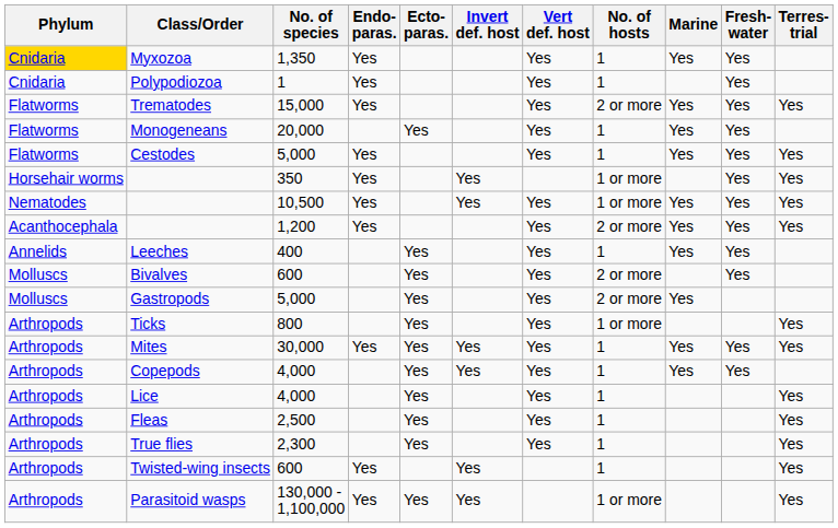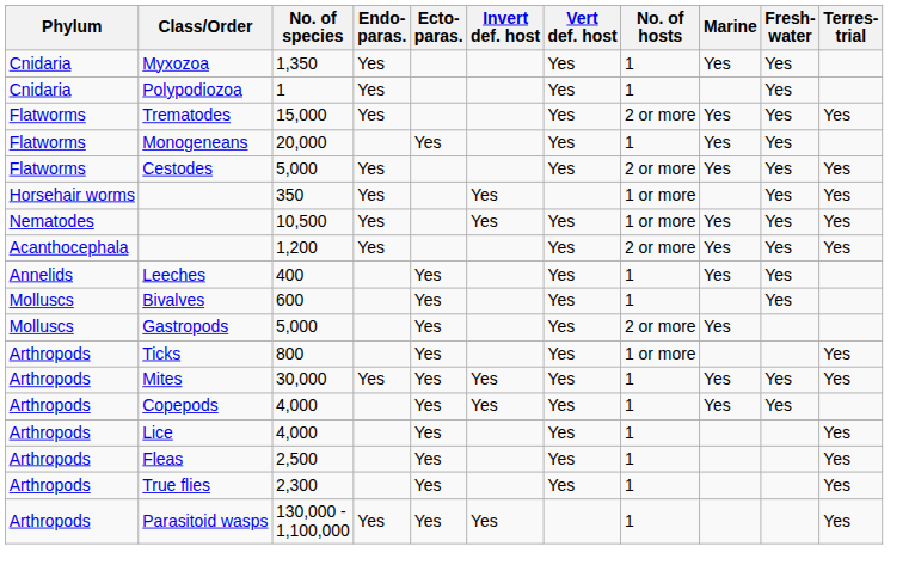 <table class="wikitable sortable ">
 <tr>
 <th>Phylum</th>
 <th>Class/Order</th>
 <th style="width: 60px;">No. of<br>species</th>
 <th>Endo-<br>paras.</th>
 <th>Ecto-<br>paras.</th>
 <th><a href='#'>Invert</a><br>def. host</th>
 <th><a href='#'>Vert</a><br>def. host</th>
 <th>No. of<br>hosts</th>
 <th>Marine</th>
 <th>Fresh-<br>water</th>
 <th>Terres-<br>trial</th>
 </tr>
 <tr>
-<td style="background: gold;"><a href='#'>Cnidaria</a></td>
+<td><a href='#'>Cnidaria</a></td>
 <td><a href='#'>Myxozoa</a></td>
 <td>1,350</td>
 <td>Yes</td>
 <td></td>
 <td></td>
 <td>Yes</td>
 <td>1</td>
 <td>Yes</td>
 <td>Yes</td>
 <td></td>
 </tr>
 <tr>
 <td><a href='#'>Cnidaria</a></td>
 <td><a href='#'>Polypodiozoa</a></td>
 <td>1</td>
 <td>Yes</td>
 <td></td>
 <td></td>
 <td>Yes</td>
 <td>1</td>
 <td></td>
 <td>Yes</td>
 <td></td>
 </tr>
 <tr>
 <td><a href='#'>Flatworms</a></td>
 <td><a href='#'>Trematodes</a></td>
 <td>15,000</td>
 <td>Yes</td>
 <td></td>
 <td></td>
 <td>Yes</td>
 <td>2 or more</td>
 <td>Yes</td>
 <td>Yes</td>
 <td>Yes</td>
 </tr>
 <tr>
 <td><a href='#'>Flatworms</a></td>
 <td><a href='#'>Monogeneans</a></td>
 <td>20,000</td>
 <td></td>
 <td>Yes</td>
 <td></td>
 <td>Yes</td>
 <td>1</td>
 <td>Yes</td>
 <td>Yes</td>
 <td></td>
 </tr>
 <tr>
 <td><a href='#'>Flatworms</a></td>
 <td><a href='#'>Cestodes</a></td>
 <td>5,000</td>
 <td>Yes</td>
 <td></td>
 <td></td>
 <td>Yes</td>
-<td>1</td>
+<td>2 or more</td>
 <td>Yes</td>
 <td>Yes</td>
 <td>Yes</td>
 </tr>
 <tr>
 <td><a href='#'>Horsehair worms</a></td>
 <td></td>
 <td>350</td>
 <td>Yes</td>
 <td></td>
 <td>Yes</td>
 <td></td>
 <td>1 or more</td>
 <td></td>
 <td>Yes</td>
 <td>Yes</td>
 </tr>
 <tr>
 <td><a href='#'>Nematodes</a></td>
 <td></td>
 <td>10,500</td>
 <td>Yes</td>
 <td></td>
 <td>Yes</td>
 <td>Yes</td>
 <td>1 or more</td>
 <td>Yes</td>
 <td>Yes</td>
 <td>Yes</td>
 </tr>
 <tr>
 <td><a href='#'>Acanthocephala</a></td>
 <td></td>
 <td>1,200</td>
 <td>Yes</td>
 <td></td>
 <td></td>
 <td>Yes</td>
 <td>2 or more</td>
 <td>Yes</td>
 <td>Yes</td>
 <td>Yes</td>
 </tr>
 <tr>
 <td><a href='#'>Annelids</a></td>
 <td><a href='#'>Leeches</a></td>
 <td>400</td>
 <td></td>
 <td>Yes</td>
 <td></td>
 <td>Yes</td>
 <td>1</td>
 <td>Yes</td>
 <td>Yes</td>
 <td></td>
 </tr>
 <tr>
 <td><a href='#'>Molluscs</a></td>
 <td><a href='#'>Bivalves</a></td>
 <td>600</td>
 <td></td>
 <td>Yes</td>
 <td></td>
 <td>Yes</td>
-<td>2 or more</td>
+<td>1</td>
 <td></td>
 <td>Yes</td>
 <td></td>
 </tr>
 <tr>
 <td><a href='#'>Molluscs</a></td>
 <td><a href='#'>Gastropods</a></td>
 <td>5,000</td>
 <td></td>
 <td>Yes</td>
 <td></td>
 <td>Yes</td>
 <td>2 or more</td>
 <td>Yes</td>
 <td></td>
 <td></td>
 </tr>
 <tr>
 <td><a href='#'>Arthropods</a></td>
 <td><a href='#'>Ticks</a></td>
 <td>800</td>
 <td></td>
 <td>Yes</td>
 <td></td>
 <td>Yes</td>
 <td>1 or more</td>
 <td></td>
 <td></td>
 <td>Yes</td>
 </tr>
 <tr>
 <td><a href='#'>Arthropods</a></td>
 <td><a href='#'>Mites</a></td>
 <td>30,000</td>
 <td>Yes</td>
 <td>Yes</td>
 <td>Yes</td>
 <td>Yes</td>
 <td>1</td>
 <td>Yes</td>
 <td>Yes</td>
 <td>Yes</td>
 </tr>
 <tr>
 <td><a href='#'>Arthropods</a></td>
 <td><a href='#'>Copepods</a></td>
 <td>4,000</td>
 <td></td>
 <td>Yes</td>
 <td>Yes</td>
 <td>Yes</td>
 <td>1</td>
 <td>Yes</td>
 <td>Yes</td>
 <td></td>
 </tr>
 <tr>
 <td><a href='#'>Arthropods</a></td>
 <td><a href='#'>Lice</a></td>
 <td>4,000</td>
 <td></td>
 <td>Yes</td>
 <td></td>
 <td>Yes</td>
 <td>1</td>
 <td></td>
 <td></td>
 <td>Yes</td>
 </tr>
 <tr>
 <td><a href='#'>Arthropods</a></td>
 <td><a href='#'>Fleas</a></td>
 <td>2,500</td>
 <td></td>
 <td>Yes</td>
 <td></td>
 <td>Yes</td>
 <td>1</td>
 <td></td>
 <td></td>
 <td>Yes</td>
 </tr>
 <tr>
 <td><a href='#'>Arthropods</a></td>
 <td><a href='#'>True flies</a></td>
 <td>2,300</td>
 <td></td>
 <td>Yes</td>
 <td></td>
 <td>Yes</td>
 <td>1</td>
 <td></td>
 <td></td>
 <td>Yes</td>
 </tr>
 <tr>
 <td><a href='#'>Arthropods</a></td>
-<td><a href='#'>Twisted-wing insects</a></td>
-<td>600</td>
+<td><a href='#'>Parasitoid wasps</a></td>
+<td>130,000 - 1,100,000</td>
 <td>Yes</td>
-<td></td>
+<td>Yes</td>
 <td>Yes</td>
 <td></td>
 <td>1</td>
 <td></td>
 <td></td>
 <td>Yes</td>
 </tr>
-<tr>
-<td><a href='#'>Arthropods</a></td>
-<td><a href='#'>Parasitoid wasps</a></td>
-<td>130,000 - 1,100,000</td>
-<td>Yes</td>
-<td>Yes</td>
-<td>Yes</td>
-<td></td>
-<td>1 or more</td>
-<td></td>
-<td></td>
-<td>Yes</td>
-</tr>
 </table>
